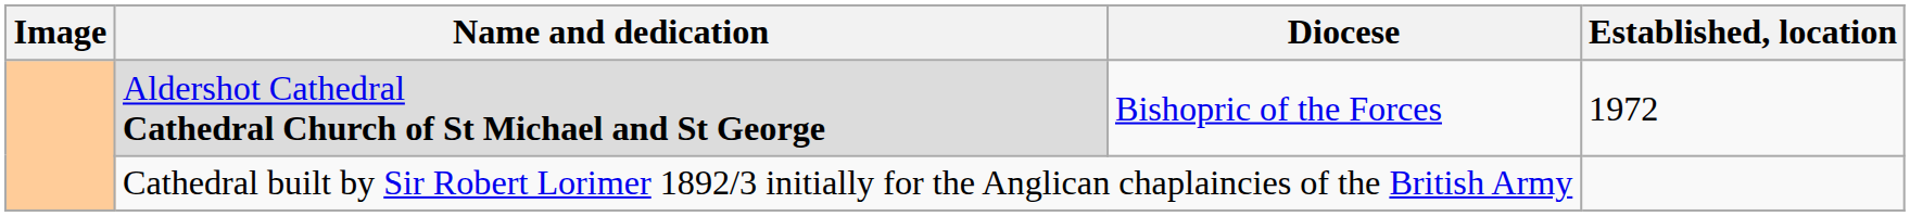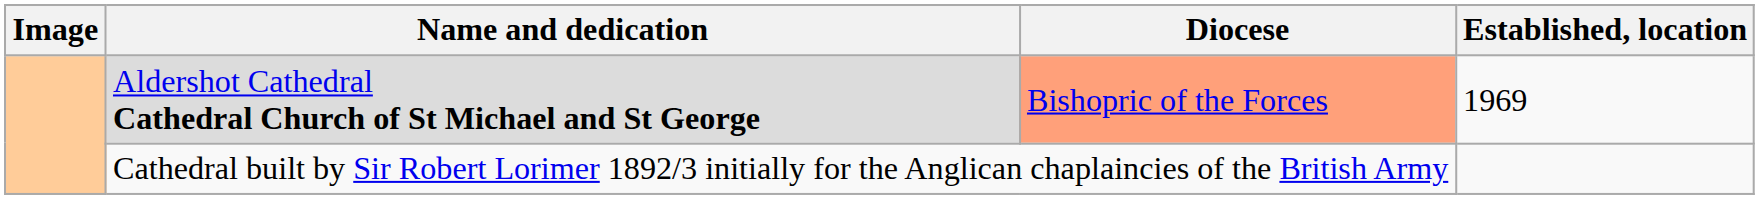 <table class="wikitable">
 <tr>
 <th>Image</th>
 <th>Name and dedication</th>
 <th>Diocese</th>
 <th>Established, location</th>
 </tr>
 <tr>
 <td rowspan="2" bgcolor="#FFCC99" align="center"></td>
 <td bgcolor="Gainsboro"><a href='#'>Aldershot Cathedral</a><br><strong>Cathedral Church of St Michael and St George</strong></td>
-<td><a href='#'>Bishopric of the Forces</a></td>
-<td>1972</td>
+<td style="background: lightsalmon;"><a href='#'>Bishopric of the Forces</a></td>
+<td>1969</td>
 </tr>
 <tr>
 <td colspan="2">Cathedral built by <a href='#'>Sir Robert Lorimer</a> 1892/3 initially for the Anglican chaplaincies of the <a href='#'>British Army</a></td>
 <td></td>
 </tr>
 </table>
